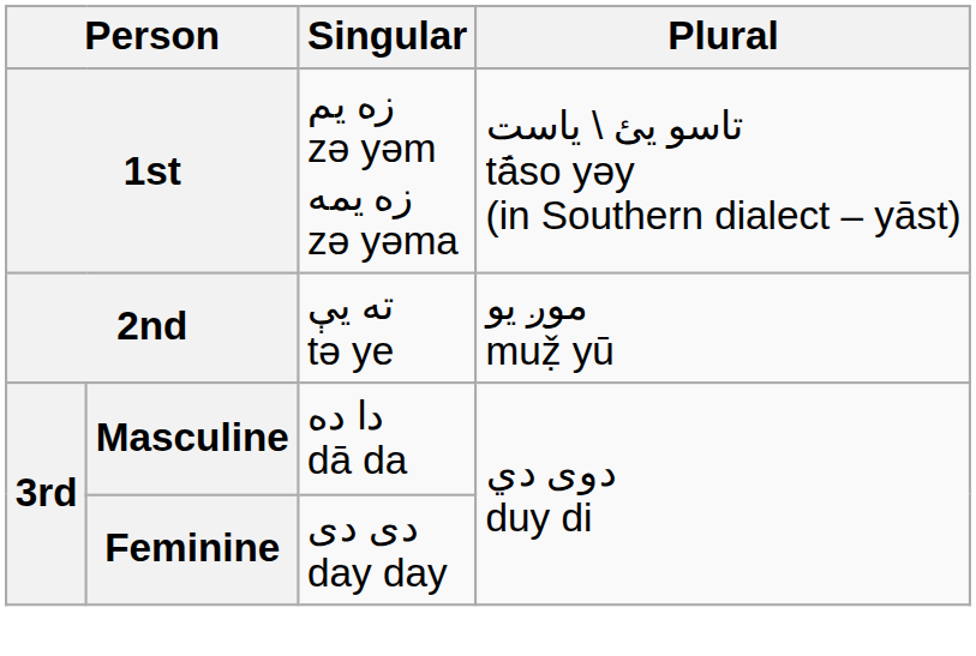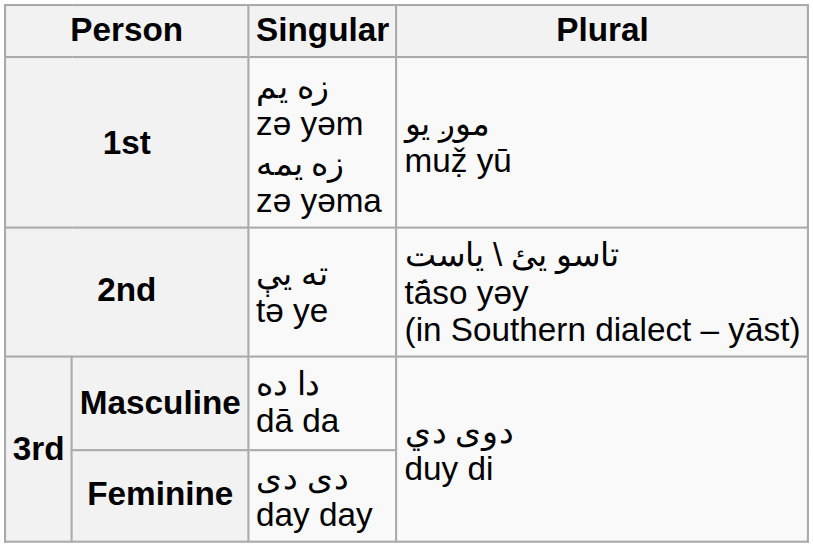 <table class="wikitable">
 <tr>
 <th colspan="2">Person</th>
 <th>Singular</th>
 <th>Plural</th>
 </tr>
 <tr>
 <th colspan="2"><strong>1st</strong></th>
 <td>زه يم<br>zə yəm<br>زه يمه<br>zə yəma</td>
-<td>تاسو يئ \ ياست<br>tā́so yəy<br>(in Southern dialect – yāst)</td>
+<td>موږ يو<br>muẓ̌ yū</td>
 </tr>
 <tr>
 <th colspan="2"><strong>2nd</strong></th>
 <td>ته يې<br>tə ye</td>
-<td>موږ يو<br>muẓ̌ yū</td>
+<td>تاسو يئ \ ياست<br>tā́so yəy<br>(in Southern dialect – yāst)</td>
 </tr>
 <tr>
 <th rowspan="2"><strong>3rd</strong></th>
 <th>Masculine</th>
 <td>دا ده<br>dā da</td>
 <td rowspan="2">دوی دي<br>duy di</td>
 </tr>
 <tr>
 <th>Feminine</th>
 <td>دی دی<br>day day</td>
 </tr>
 </table>
